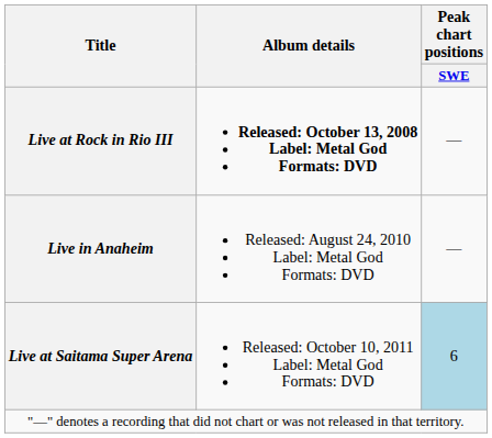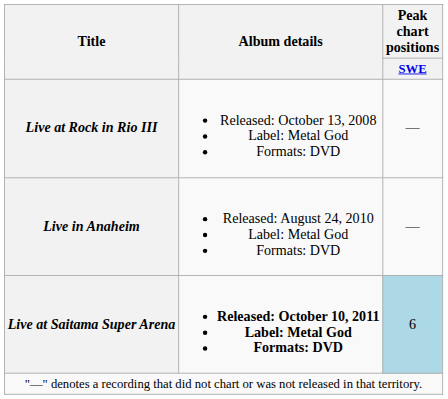 <table class="wikitable plainrowheaders" style="text-align:center;">
 <tr>
 <th scope="col" rowspan="2">Title</th>
 <th scope="col" rowspan="2">Album details</th>
 <th scope="col">Peak chart positions</th>
 </tr>
 <tr>
 <th scope="col" style="width:3em;font-size:90%;"><a href='#'>SWE</a><br></th>
 </tr>
 <tr>
 <th scope="row"><em>Live at Rock in Rio III</em></th>
-<td><strong><br><ul><li>Released: October 13, 2008</li><li>Label: Metal God</li><li>Formats: DVD</li></ul></strong></td>
+<td><br><ul><li>Released: October 13, 2008</li><li>Label: Metal God</li><li>Formats: DVD</li></ul></td>
 <td>—</td>
 </tr>
 <tr>
 <th scope="row"><em>Live in Anaheim</em></th>
 <td><br><ul><li>Released: August 24, 2010</li><li>Label: Metal God</li><li>Formats: DVD</li></ul></td>
 <td>—</td>
 </tr>
 <tr>
 <th scope="row"><em>Live at Saitama Super Arena</em></th>
-<td><br><ul><li>Released: October 10, 2011</li><li>Label: Metal God</li><li>Formats: DVD</li></ul></td>
+<td><strong><br><ul><li>Released: October 10, 2011</li><li>Label: Metal God</li><li>Formats: DVD</li></ul></strong></td>
 <td style="background: lightblue;">6</td>
 </tr>
 <tr>
 <td colspan="15" style="font-size:90%">"—" denotes a recording that did not chart or was not released in that territory.</td>
 </tr>
 </table>
